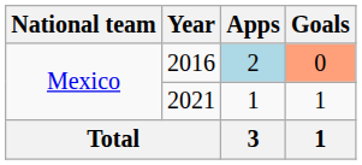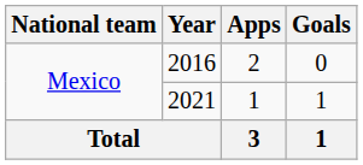 <table class="wikitable" style="text-align: center;">
 <tr>
 <th>National team</th>
 <th>Year</th>
 <th>Apps</th>
 <th>Goals</th>
 </tr>
 <tr>
 <td rowspan="2" valign="center"><a href='#'>Mexico</a></td>
 <td>2016</td>
-<td style="background: lightblue;">2</td>
-<td style="background: lightsalmon;">0</td>
+<td>2</td>
+<td>0</td>
 </tr>
 <tr>
 <td>2021</td>
 <td>1</td>
 <td>1</td>
 </tr>
 <tr>
 <th colspan="2">Total</th>
 <th>3</th>
 <th>1</th>
 </tr>
 </table>
